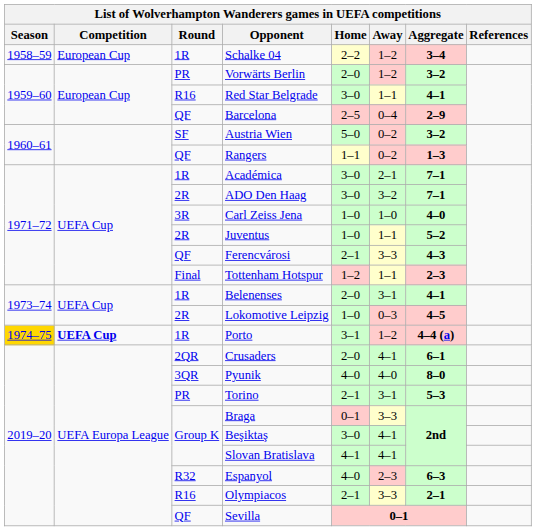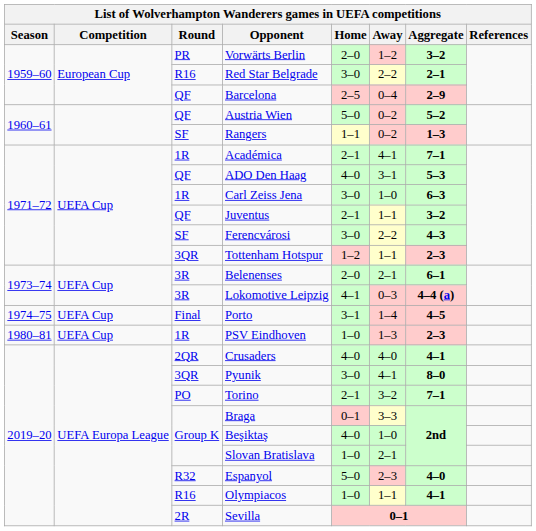 <table class="wikitable">
 <tr>
 <th colspan=8;>List of Wolverhampton Wanderers games in UEFA competitions</th>
 </tr>
 <tr>
 <th>Season</th>
 <th>Competition</th>
 <th>Round</th>
 <th>Opponent</th>
 <th>Home</th>
 <th>Away</th>
 <th>Aggregate</th>
 <th>References</th>
 </tr>
 <tr>
-<td><a href='#'>1958–59</a></td>
-<td><a href='#'>European Cup</a></td>
-<td><a href='#'>1R</a></td>
-<td> <a href='#'>Schalke 04</a></td>
-<td style="text-align:center; background:#ffffcc;">2–2</td>
-<td style="text-align:center; background:#ffcccc;">1–2</td>
-<td style="text-align:center; background:#ffcccc;"><strong>3–4</strong></td>
-<td style="text-align:center;"></td>
-</tr>
-<tr>
 <td rowspan="3"><a href='#'>1959–60</a></td>
 <td rowspan="3"><a href='#'>European Cup</a></td>
 <td><a href='#'>PR</a></td>
 <td> <a href='#'>Vorwärts Berlin</a></td>
 <td style="text-align:center; background:#ccffcc;">2–0</td>
 <td style="text-align:center; background:#ffcccc;">1–2</td>
 <td style="text-align:center; background:#ccffcc;"><strong>3–2</strong></td>
 <td rowspan="3" style="text-align:center;"></td>
 </tr>
 <tr>
 <td><a href='#'>R16</a></td>
 <td> <a href='#'>Red Star Belgrade</a></td>
 <td style="text-align:center; background:#ccffcc;">3–0</td>
-<td style="text-align:center; background:#ffffcc;">1–1</td>
-<td style="text-align:center; background:#ccffcc;"><strong>4–1</strong></td>
+<td style="text-align:center; background:#ffffcc;">2–2</td>
+<td style="text-align:center; background:#ccffcc;"><strong>2–1</strong></td>
 </tr>
 <tr>
 <td><a href='#'>QF</a></td>
 <td> <a href='#'>Barcelona</a></td>
 <td style="text-align:center; background:#ffcccc;">2–5</td>
 <td style="text-align:center; background:#ffcccc;">0–4</td>
 <td style="text-align:center; background:#ffcccc;"><strong>2–9</strong></td>
 </tr>
 <tr>
 <td rowspan="2"><a href='#'>1960–61</a></td>
 <td rowspan="2"></td>
-<td><a href='#'>SF</a></td>
+<td><a href='#'>QF</a></td>
 <td> <a href='#'>Austria Wien</a></td>
 <td style="text-align:center; background:#ccffcc;">5–0</td>
 <td style="text-align:center; background:#ffcccc;">0–2</td>
-<td style="text-align:center; background:#ccffcc;"><strong>3–2</strong></td>
+<td style="text-align:center; background:#ccffcc;"><strong>5–2</strong></td>
 <td rowspan="2" style="text-align:center;"></td>
 </tr>
 <tr>
-<td><a href='#'>QF</a></td>
+<td><a href='#'>SF</a></td>
 <td> <a href='#'>Rangers</a></td>
 <td style="text-align:center; background:#ffffcc;">1–1</td>
 <td style="text-align:center; background:#ffcccc;">0–2</td>
 <td style="text-align:center; background:#ffcccc;"><strong>1–3</strong></td>
 </tr>
 <tr>
 <td rowspan="6"><a href='#'>1971–72</a></td>
 <td rowspan="6"><a href='#'>UEFA Cup</a></td>
 <td><a href='#'>1R</a></td>
 <td> <a href='#'>Académica</a></td>
-<td style="text-align:center; background:#ccffcc;">3–0</td>
 <td style="text-align:center; background:#ccffcc;">2–1</td>
+<td style="text-align:center; background:#ccffcc;">4–1</td>
 <td style="text-align:center; background:#ccffcc;"><strong>7–1</strong></td>
 <td rowspan="6" style="text-align:center;"></td>
 </tr>
 <tr>
-<td><a href='#'>2R</a></td>
+<td><a href='#'>QF</a></td>
 <td> <a href='#'>ADO Den Haag</a></td>
-<td style="text-align:center; background:#ccffcc;">3–0</td>
-<td style="text-align:center; background:#ccffcc;">3–2</td>
-<td style="text-align:center; background:#ccffcc;"><strong>7–1</strong></td>
+<td style="text-align:center; background:#ccffcc;">4–0</td>
+<td style="text-align:center; background:#ccffcc;">3–1</td>
+<td style="text-align:center; background:#ccffcc;"><strong>5–3</strong></td>
 </tr>
 <tr>
-<td><a href='#'>3R</a></td>
+<td><a href='#'>1R</a></td>
 <td> <a href='#'>Carl Zeiss Jena</a></td>
+<td style="text-align:center; background:#ccffcc;">3–0</td>
 <td style="text-align:center; background:#ccffcc;">1–0</td>
-<td style="text-align:center; background:#ccffcc;">1–0</td>
-<td style="text-align:center; background:#ccffcc;"><strong>4–0</strong></td>
-</tr>
-<tr>
-<td><a href='#'>2R</a></td>
-<td> <a href='#'>Juventus</a></td>
-<td style="text-align:center; background:#ccffcc;">1–0</td>
-<td style="text-align:center; background:#ffffcc;">1–1</td>
-<td style="text-align:center; background:#ccffcc;"><strong>5–2</strong></td>
+<td style="text-align:center; background:#ccffcc;"><strong>6–3</strong></td>
 </tr>
 <tr>
 <td><a href='#'>QF</a></td>
+<td> <a href='#'>Juventus</a></td>
+<td style="text-align:center; background:#ccffcc;">2–1</td>
+<td style="text-align:center; background:#ffffcc;">1–1</td>
+<td style="text-align:center; background:#ccffcc;"><strong>3–2</strong></td>
+</tr>
+<tr>
+<td><a href='#'>SF</a></td>
 <td> <a href='#'>Ferencvárosi</a></td>
-<td style="text-align:center; background:#ccffcc;">2–1</td>
-<td style="text-align:center; background:#ffffcc;">3–3</td>
+<td style="text-align:center; background:#ccffcc;">3–0</td>
+<td style="text-align:center; background:#ffffcc;">2–2</td>
 <td style="text-align:center; background:#ccffcc;"><strong>4–3</strong></td>
 </tr>
 <tr>
-<td><a href='#'>Final</a></td>
+<td><a href='#'>3QR</a></td>
 <td> <a href='#'>Tottenham Hotspur</a></td>
 <td style="text-align:center; background:#ffcccc;">1–2</td>
 <td style="text-align:center; background:#ffffcc;">1–1</td>
 <td style="text-align:center; background:#ffcccc;"><strong>2–3</strong></td>
 </tr>
 <tr>
 <td rowspan="2"><a href='#'>1973–74</a></td>
 <td rowspan="2"><a href='#'>UEFA Cup</a></td>
-<td><a href='#'>1R</a></td>
+<td><a href='#'>3R</a></td>
 <td> <a href='#'>Belenenses</a></td>
 <td style="text-align:center; background:#ccffcc;">2–0</td>
-<td style="text-align:center; background:#ccffcc;">3–1</td>
-<td style="text-align:center; background:#ccffcc;"><strong>4–1</strong></td>
+<td style="text-align:center; background:#ccffcc;">2–1</td>
+<td style="text-align:center; background:#ccffcc;"><strong>6–1</strong></td>
 <td rowspan="2" style="text-align:center;"></td>
 </tr>
 <tr>
-<td><a href='#'>2R</a></td>
+<td><a href='#'>3R</a></td>
 <td> <a href='#'>Lokomotive Leipzig</a></td>
-<td style="text-align:center; background:#ccffcc;">1–0</td>
+<td style="text-align:center; background:#ccffcc;">4–1</td>
 <td style="text-align:center; background:#ffcccc;">0–3</td>
-<td style="text-align:center; background:#ffcccc;"><strong>4–5</strong></td>
+<td style="text-align:center; background:#ffcccc;"><strong>4–4 (<a href='#'>a</a>)</strong></td>
 </tr>
 <tr>
-<td style="background: gold;"><a href='#'>1974–75</a></td>
-<td><strong><a href='#'>UEFA Cup</a></strong></td>
-<td><a href='#'>1R</a></td>
+<td><a href='#'>1974–75</a></td>
+<td><a href='#'>UEFA Cup</a></td>
+<td><a href='#'>Final</a></td>
 <td> <a href='#'>Porto</a></td>
 <td style="text-align:center; background:#ccffcc;">3–1</td>
-<td style="text-align:center; background:#ffcccc;">1–2</td>
-<td style="text-align:center; background:#ffcccc;"><strong>4–4 (<a href='#'>a</a>)</strong></td>
+<td style="text-align:center; background:#ffcccc;">1–4</td>
+<td style="text-align:center; background:#ffcccc;"><strong>4–5</strong></td>
+<td style="text-align:center;"></td>
+</tr>
+<tr>
+<td><a href='#'>1980–81</a></td>
+<td><a href='#'>UEFA Cup</a></td>
+<td><a href='#'>1R</a></td>
+<td> <a href='#'>PSV Eindhoven</a></td>
+<td style="text-align:center; background:#ccffcc;">1–0</td>
+<td style="text-align:center; background:#ffcccc;">1–3</td>
+<td style="text-align:center; background:#ffcccc;"><strong>2–3</strong></td>
 <td style="text-align:center;"></td>
 </tr>
 <tr>
 <td rowspan=9><a href='#'>2019–20</a></td>
 <td rowspan=9><a href='#'>UEFA Europa League</a></td>
 <td><a href='#'>2QR</a></td>
 <td> <a href='#'>Crusaders</a></td>
-<td style="text-align:center; background:#ccffcc;">2–0</td>
-<td style="text-align:center; background:#ccffcc;">4–1</td>
-<td style="text-align:center; background:#ccffcc;"><strong>6–1</strong></td>
+<td style="text-align:center; background:#ccffcc;">4–0</td>
+<td style="text-align:center; background:#ccffcc;">4–0</td>
+<td style="text-align:center; background:#ccffcc;"><strong>4–1</strong></td>
 <td style="text-align:center;"></td>
 </tr>
 <tr>
 <td><a href='#'>3QR</a></td>
 <td> <a href='#'>Pyunik</a></td>
-<td style="text-align:center; background:#ccffcc;">4–0</td>
-<td style="text-align:center; background:#ccffcc;">4–0</td>
+<td style="text-align:center; background:#ccffcc;">3–0</td>
+<td style="text-align:center; background:#ccffcc;">4–1</td>
 <td style="text-align:center; background:#ccffcc;"><strong>8–0</strong></td>
 <td style="text-align:center;"></td>
 </tr>
 <tr>
-<td><a href='#'>PR</a></td>
+<td><a href='#'>PO</a></td>
 <td> <a href='#'>Torino</a></td>
 <td style="text-align:center; background:#ccffcc;">2–1</td>
-<td style="text-align:center; background:#ccffcc;">3–1</td>
-<td style="text-align:center; background:#ccffcc;"><strong>5–3</strong></td>
+<td style="text-align:center; background:#ccffcc;">3–2</td>
+<td style="text-align:center; background:#ccffcc;"><strong>7–1</strong></td>
 <td style="text-align:center;"></td>
 </tr>
 <tr>
 <td rowspan=3><a href='#'>Group K</a></td>
 <td> <a href='#'>Braga</a></td>
 <td style="text-align:center; background:#ffcccc;">0–1</td>
 <td style="text-align:center; background:#ffffcc;">3–3</td>
 <td style="text-align:center; background:#ccffcc;" rowspan=3><strong>2nd</strong></td>
 <td style="text-align:center;"></td>
 </tr>
 <tr>
 <td> <a href='#'>Beşiktaş</a></td>
-<td style="text-align:center; background:#ccffcc;">3–0</td>
-<td style="text-align:center; background:#ccffcc;">4–1</td>
+<td style="text-align:center; background:#ccffcc;">4–0</td>
+<td style="text-align:center; background:#ccffcc;">1–0</td>
 <td style="text-align:center;"></td>
 </tr>
 <tr>
 <td> <a href='#'>Slovan Bratislava</a></td>
-<td style="text-align:center; background:#ccffcc;">4–1</td>
-<td style="text-align:center; background:#ccffcc;">4–1</td>
+<td style="text-align:center; background:#ccffcc;">1–0</td>
+<td style="text-align:center; background:#ccffcc;">2–1</td>
 <td style="text-align:center;"></td>
 </tr>
 <tr>
 <td><a href='#'>R32</a></td>
 <td> <a href='#'>Espanyol</a></td>
-<td style="text-align:center; background:#ccffcc;">4–0</td>
+<td style="text-align:center; background:#ccffcc;">5–0</td>
 <td style="text-align:center; background:#ffcccc;">2–3</td>
-<td style="text-align:center; background:#ccffcc;"><strong>6–3</strong></td>
+<td style="text-align:center; background:#ccffcc;"><strong>4–0</strong></td>
 <td style="text-align:center;"></td>
 </tr>
 <tr>
 <td><a href='#'>R16</a></td>
 <td> <a href='#'>Olympiacos</a></td>
-<td style="text-align:center; background:#ccffcc;">2–1</td>
-<td style="text-align:center; background:#ffffcc;">3–3</td>
-<td style="text-align:center; background:#ccffcc;"><strong>2–1</strong></td>
+<td style="text-align:center; background:#ccffcc;">1–0</td>
+<td style="text-align:center; background:#ffffcc;">1–1</td>
+<td style="text-align:center; background:#ccffcc;"><strong>4–1</strong></td>
 <td style="text-align:center;"></td>
 </tr>
 <tr>
-<td><a href='#'>QF</a></td>
+<td><a href='#'>2R</a></td>
 <td> <a href='#'>Sevilla</a></td>
 <td colspan="3" style="text-align:center; background:#ffcccc;"><strong>0–1</strong></td>
 <td style="text-align:center;"></td>
 </tr>
 </table>
